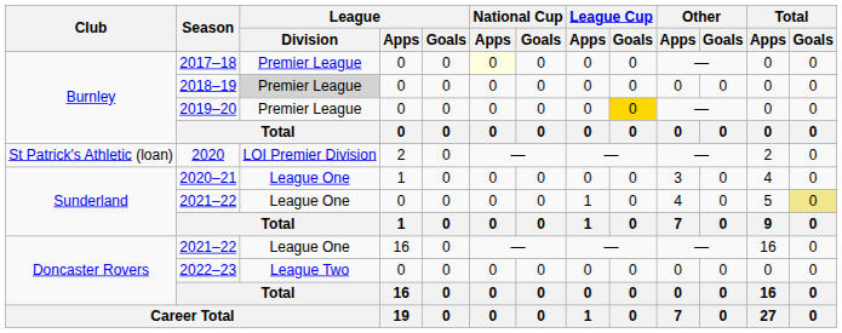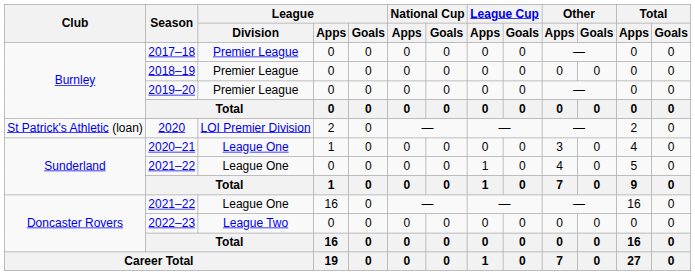 <table class="wikitable" style="text-align:center">
 <tr>
 <th rowspan="2">Club</th>
 <th rowspan="2">Season</th>
 <th colspan="3">League</th>
 <th colspan="2">National Cup</th>
 <th colspan="2"><a href='#'>League Cup</a></th>
 <th colspan="2">Other</th>
 <th colspan="2">Total</th>
 </tr>
 <tr>
 <th>Division</th>
 <th>Apps</th>
 <th>Goals</th>
 <th>Apps</th>
 <th>Goals</th>
 <th>Apps</th>
 <th>Goals</th>
 <th>Apps</th>
 <th>Goals</th>
 <th>Apps</th>
 <th>Goals</th>
 </tr>
 <tr>
 <td rowspan="4"><a href='#'>Burnley</a></td>
 <td><a href='#'>2017–18</a></td>
 <td><a href='#'>Premier League</a></td>
 <td>0</td>
 <td>0</td>
-<td style="background: lightyellow;">0</td>
+<td>0</td>
 <td>0</td>
 <td>0</td>
 <td>0</td>
 <td colspan="2">—</td>
 <td>0</td>
 <td>0</td>
 </tr>
 <tr>
 <td><a href='#'>2018–19</a></td>
-<td style="background: lightgrey;">Premier League</td>
+<td>Premier League</td>
 <td>0</td>
 <td>0</td>
 <td>0</td>
 <td>0</td>
 <td>0</td>
 <td>0</td>
 <td>0</td>
 <td>0</td>
 <td>0</td>
 <td>0</td>
 </tr>
 <tr>
 <td><a href='#'>2019–20</a></td>
 <td>Premier League</td>
 <td>0</td>
 <td>0</td>
 <td>0</td>
 <td>0</td>
 <td>0</td>
-<td style="background: gold;">0</td>
+<td>0</td>
 <td colspan="2">—</td>
 <td>0</td>
 <td>0</td>
 </tr>
 <tr>
 <th colspan="2">Total</th>
 <th>0</th>
 <th>0</th>
 <th>0</th>
 <th>0</th>
 <th>0</th>
 <th>0</th>
 <th>0</th>
 <th>0</th>
 <th>0</th>
 <th>0</th>
 </tr>
 <tr>
 <td><a href='#'>St Patrick's Athletic</a> (loan)</td>
 <td><a href='#'>2020</a></td>
 <td><a href='#'>LOI Premier Division</a></td>
 <td>2</td>
 <td>0</td>
 <td colspan="2">—</td>
 <td colspan="2">—</td>
 <td colspan="2">—</td>
 <td>2</td>
 <td>0</td>
 </tr>
 <tr>
 <td rowspan="3"><a href='#'>Sunderland</a></td>
 <td><a href='#'>2020–21</a></td>
 <td><a href='#'>League One</a></td>
 <td>1</td>
 <td>0</td>
 <td>0</td>
 <td>0</td>
 <td>0</td>
 <td>0</td>
 <td>3</td>
 <td>0</td>
 <td>4</td>
 <td>0</td>
 </tr>
 <tr>
 <td><a href='#'>2021–22</a></td>
 <td>League One</td>
 <td>0</td>
 <td>0</td>
 <td>0</td>
 <td>0</td>
 <td>1</td>
 <td>0</td>
 <td>4</td>
 <td>0</td>
 <td>5</td>
-<td style="background: khaki;">0</td>
+<td>0</td>
 </tr>
 <tr>
 <th colspan="2">Total</th>
 <th>1</th>
 <th>0</th>
 <th>0</th>
 <th>0</th>
 <th>1</th>
 <th>0</th>
 <th>7</th>
 <th>0</th>
 <th>9</th>
 <th>0</th>
 </tr>
 <tr>
 <td rowspan="3"><a href='#'>Doncaster Rovers</a></td>
 <td><a href='#'>2021–22</a></td>
 <td>League One</td>
 <td>16</td>
 <td>0</td>
 <td colspan="2">—</td>
 <td colspan="2">—</td>
 <td colspan="2">—</td>
 <td>16</td>
 <td>0</td>
 </tr>
 <tr>
 <td><a href='#'>2022–23</a></td>
 <td><a href='#'>League Two</a></td>
 <td>0</td>
 <td>0</td>
 <td>0</td>
 <td>0</td>
 <td>0</td>
 <td>0</td>
 <td>0</td>
 <td>0</td>
 <td>0</td>
 <td>0</td>
 </tr>
 <tr>
 <th colspan="2">Total</th>
 <th>16</th>
 <th>0</th>
 <th>0</th>
 <th>0</th>
 <th>0</th>
 <th>0</th>
 <th>0</th>
 <th>0</th>
 <th>16</th>
 <th>0</th>
 </tr>
 <tr>
 <th colspan="3">Career Total</th>
 <th>19</th>
 <th>0</th>
 <th>0</th>
 <th>0</th>
 <th>1</th>
 <th>0</th>
 <th>7</th>
 <th>0</th>
 <th>27</th>
 <th>0</th>
 </tr>
 </table>
